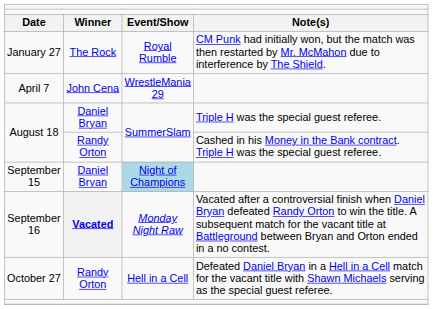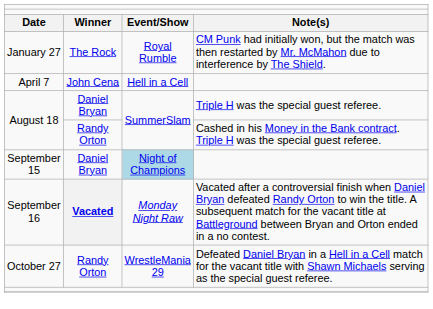 <table class="wikitable" style="text-align:center; width:100%;">
 <tr>
 <td colspan="5"></td>
 </tr>
 <tr>
 <td colspan="5"><strong></strong></td>
 </tr>
 <tr>
 <th width=14%>Date</th>
 <th width=14%>Winner</th>
 <th width=14%>Event/Show</th>
 <th width=58%>Note(s)</th>
 </tr>
 <tr>
 <td>January 27</td>
 <td><a href='#'>The Rock</a></td>
 <td><a href='#'>Royal Rumble</a></td>
 <td align=left><a href='#'>CM Punk</a> had initially won, but the match was then restarted by <a href='#'>Mr. McMahon</a> due to interference by <a href='#'>The Shield</a>.</td>
 </tr>
 <tr>
 <td>April 7</td>
 <td><a href='#'>John Cena</a></td>
-<td><a href='#'>WrestleMania 29</a></td>
+<td><a href='#'>Hell in a Cell</a></td>
 <td align=left></td>
 </tr>
 <tr>
 <td rowspan=2>August 18</td>
 <td><a href='#'>Daniel Bryan</a></td>
 <td rowspan=2><a href='#'>SummerSlam</a></td>
 <td align=left><a href='#'>Triple H</a> was the special guest referee.</td>
 </tr>
 <tr>
 <td><a href='#'>Randy Orton</a></td>
 <td align=left>Cashed in his <a href='#'>Money in the Bank contract</a>. <a href='#'>Triple H</a> was the special guest referee.</td>
 </tr>
 <tr>
 <td>September 15</td>
 <td><a href='#'>Daniel Bryan</a></td>
 <td style="background: lightblue;"><a href='#'>Night of Champions</a></td>
 <td></td>
 </tr>
 <tr>
 <td>September 16</td>
 <th><a href='#'>Vacated</a></th>
 <td><em><a href='#'>Monday Night Raw</a></em></td>
 <td align=left>Vacated after a controversial finish when <a href='#'>Daniel Bryan</a> defeated <a href='#'>Randy Orton</a> to win the title. A subsequent match for the vacant title at <a href='#'>Battleground</a> between Bryan and Orton ended in a no contest.</td>
 </tr>
 <tr>
 <td>October 27</td>
 <td><a href='#'>Randy Orton</a></td>
-<td><a href='#'>Hell in a Cell</a></td>
+<td><a href='#'>WrestleMania 29</a></td>
 <td align=left>Defeated <a href='#'>Daniel Bryan</a> in a <a href='#'>Hell in a Cell</a> match for the vacant title with <a href='#'>Shawn Michaels</a> serving as the special guest referee.</td>
 </tr>
 <tr>
 <td colspan="5"></td>
 </tr>
 <tr>
 </tr>
 </table>
